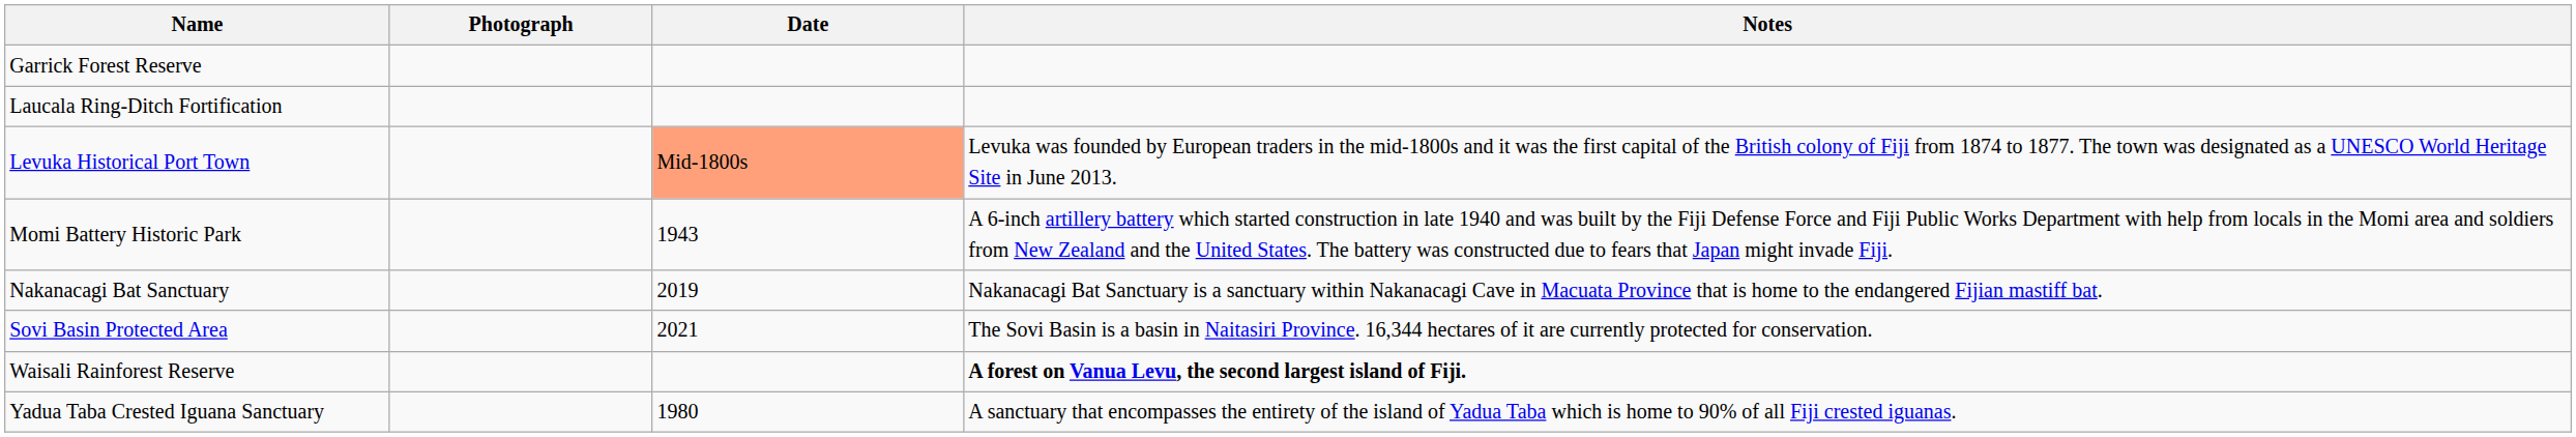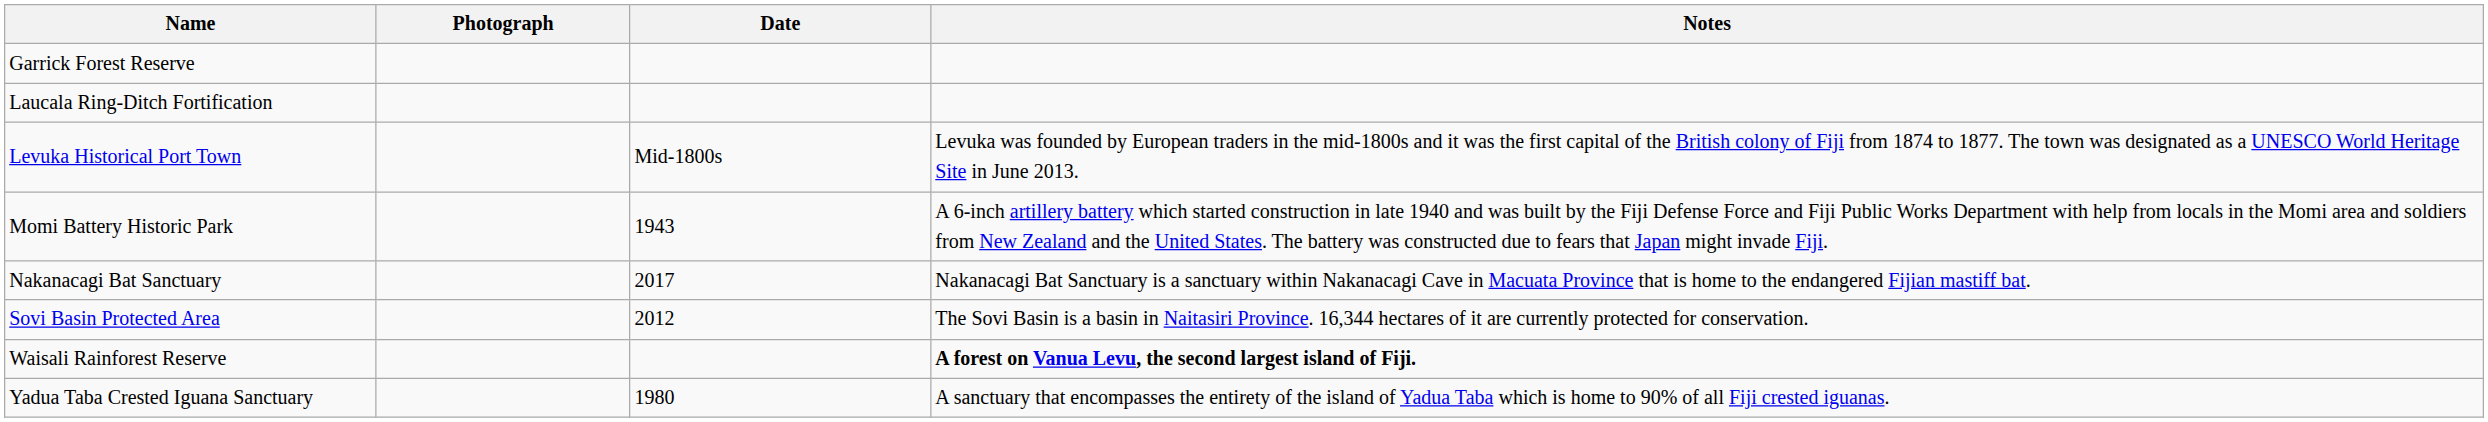 <table class="wikitable sortable plainrowheaders" style="width:100%;border:0px;text-align:left;line-height:150%;">
 <tr>
 <th scope="col"  style="width:150px">Name</th>
 <th scope="col"  style="width:100px" class="unsortable">Photograph</th>
 <th scope="col"  style="width:120px">Date</th>
 <th scope="col"  style="width:650px" class="unsortable">Notes</th>
 </tr>
 <tr>
 <td>Garrick Forest Reserve</td>
 <td></td>
 <td></td>
 <td></td>
 </tr>
 <tr>
 <td>Laucala Ring-Ditch Fortification</td>
 <td></td>
 <td></td>
 <td></td>
 </tr>
 <tr>
 <td><a href='#'>Levuka Historical Port Town</a></td>
 <td></td>
-<td style="background: lightsalmon;">Mid-1800s</td>
+<td>Mid-1800s</td>
 <td>Levuka was founded by European traders in the mid-1800s and it was the first capital of the <a href='#'>British colony of Fiji</a> from 1874 to 1877. The town was designated as a <a href='#'>UNESCO World Heritage Site</a> in June 2013.</td>
 </tr>
 <tr>
 <td>Momi Battery Historic Park</td>
 <td></td>
 <td>1943</td>
 <td>A 6-inch <a href='#'>artillery battery</a> which started construction in late 1940 and was built by the Fiji Defense Force and Fiji Public Works Department with help from locals in the Momi area and soldiers from <a href='#'>New Zealand</a> and the <a href='#'>United States</a>. The battery was constructed due to fears that <a href='#'>Japan</a> might invade <a href='#'>Fiji</a>.</td>
 </tr>
 <tr>
 <td>Nakanacagi Bat Sanctuary</td>
 <td></td>
-<td>2019</td>
+<td>2017</td>
 <td>Nakanacagi Bat Sanctuary is a sanctuary within Nakanacagi Cave in <a href='#'>Macuata Province</a> that is home to the endangered <a href='#'>Fijian mastiff bat</a>.</td>
 </tr>
 <tr>
 <td><a href='#'>Sovi Basin Protected Area</a></td>
 <td></td>
-<td>2021</td>
+<td>2012</td>
 <td>The Sovi Basin is a basin in <a href='#'>Naitasiri Province</a>. 16,344 hectares of it are currently protected for conservation.</td>
 </tr>
 <tr>
 <td>Waisali Rainforest Reserve</td>
 <td></td>
 <td></td>
 <td><strong>A forest on <a href='#'>Vanua Levu</a>, the second largest island of Fiji.</strong></td>
 </tr>
 <tr>
 <td>Yadua Taba Crested Iguana Sanctuary</td>
 <td></td>
 <td>1980</td>
 <td>A sanctuary that encompasses the entirety of the island of <a href='#'>Yadua Taba</a> which is home to 90% of all <a href='#'>Fiji crested iguanas</a>.</td>
 </tr>
 </table>
